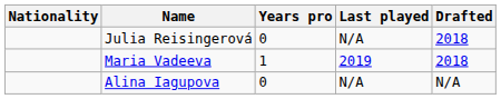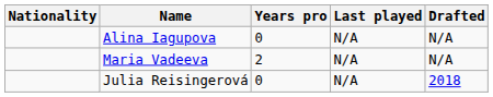 <table class="wikitable">
 <tr>
 <th>Nationality</th>
 <th>Name</th>
 <th>Years pro</th>
 <th>Last played</th>
 <th>Drafted</th>
 </tr>
 <tr>
 <td></td>
+<td><a href='#'>Alina Iagupova</a></td>
+<td>0</td>
+<td>N/A</td>
+<td>N/A</td>
+</tr>
+<tr>
+<td></td>
+<td><a href='#'>Maria Vadeeva</a></td>
+<td>2</td>
+<td>N/A</td>
+<td>N/A</td>
+</tr>
+<tr>
+<td></td>
 <td>Julia Reisingerová</td>
 <td>0</td>
 <td>N/A</td>
 <td><a href='#'>2018</a></td>
 </tr>
-<tr>
-<td></td>
-<td><a href='#'>Maria Vadeeva</a></td>
-<td>1</td>
-<td><a href='#'>2019</a></td>
-<td><a href='#'>2018</a></td>
-</tr>
-<tr>
-<td></td>
-<td><a href='#'>Alina Iagupova</a></td>
-<td>0</td>
-<td>N/A</td>
-<td>N/A</td>
-</tr>
 </table>
